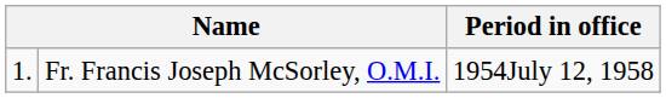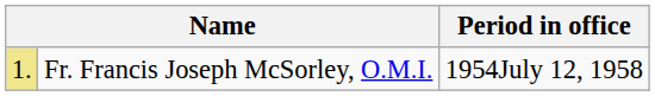 <table class="wikitable">
 <tr>
 <th colspan="2">Name</th>
 <th>Period in office</th>
 </tr>
 <tr>
-<td>1.</td>
+<td style="background: khaki;">1.</td>
 <td>Fr. Francis Joseph McSorley, <a href='#'>O.M.I.</a></td>
 <td>1954July 12, 1958</td>
 </tr>
 </table>
